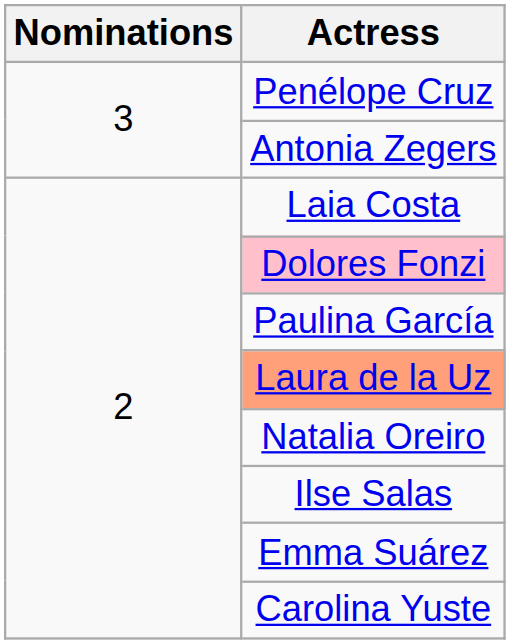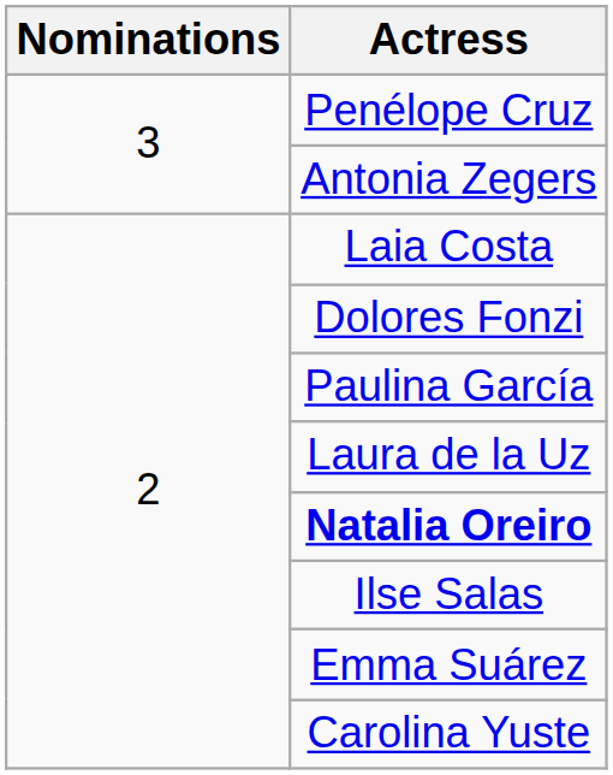 <table class="wikitable" rowspan=2 style="text-align: center;">
 <tr>
 <th scope="col" width="55">Nominations</th>
 <th scope="col" align="center">Actress</th>
 </tr>
 <tr>
 <td rowspan=2 style="text-align:center;">3</td>
 <td><a href='#'>Penélope Cruz</a></td>
 </tr>
 <tr>
 <td><a href='#'>Antonia Zegers</a></td>
 </tr>
 <tr>
 <td rowspan=8 style="text-align:center;">2</td>
 <td><a href='#'>Laia Costa</a></td>
 </tr>
 <tr>
-<td style="background: pink;"><a href='#'>Dolores Fonzi</a></td>
+<td><a href='#'>Dolores Fonzi</a></td>
 </tr>
 <tr>
 <td><a href='#'>Paulina García</a></td>
 </tr>
 <tr>
-<td style="background: lightsalmon;"><a href='#'>Laura de la Uz</a></td>
+<td><a href='#'>Laura de la Uz</a></td>
 </tr>
 <tr>
-<td><a href='#'>Natalia Oreiro</a></td>
+<td><strong><a href='#'>Natalia Oreiro</a></strong></td>
 </tr>
 <tr>
 <td><a href='#'>Ilse Salas</a></td>
 </tr>
 <tr>
 <td><a href='#'>Emma Suárez</a></td>
 </tr>
 <tr>
 <td><a href='#'>Carolina Yuste</a></td>
 </tr>
 </table>
